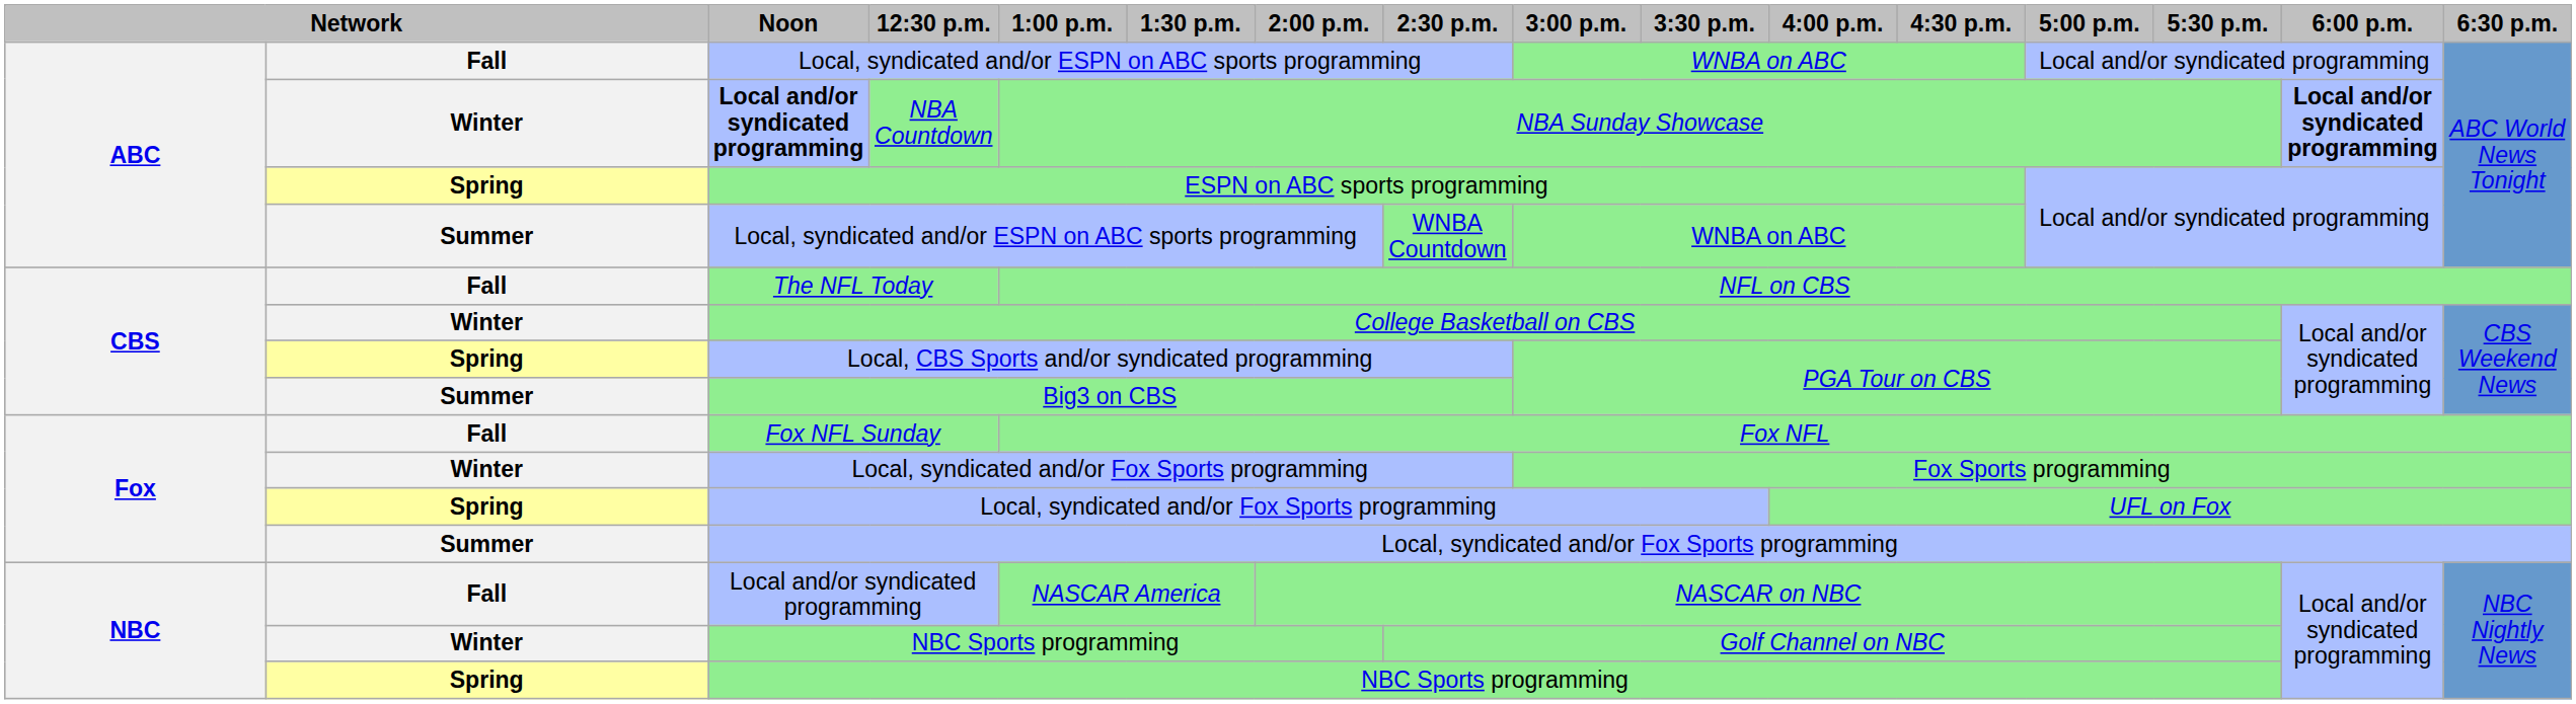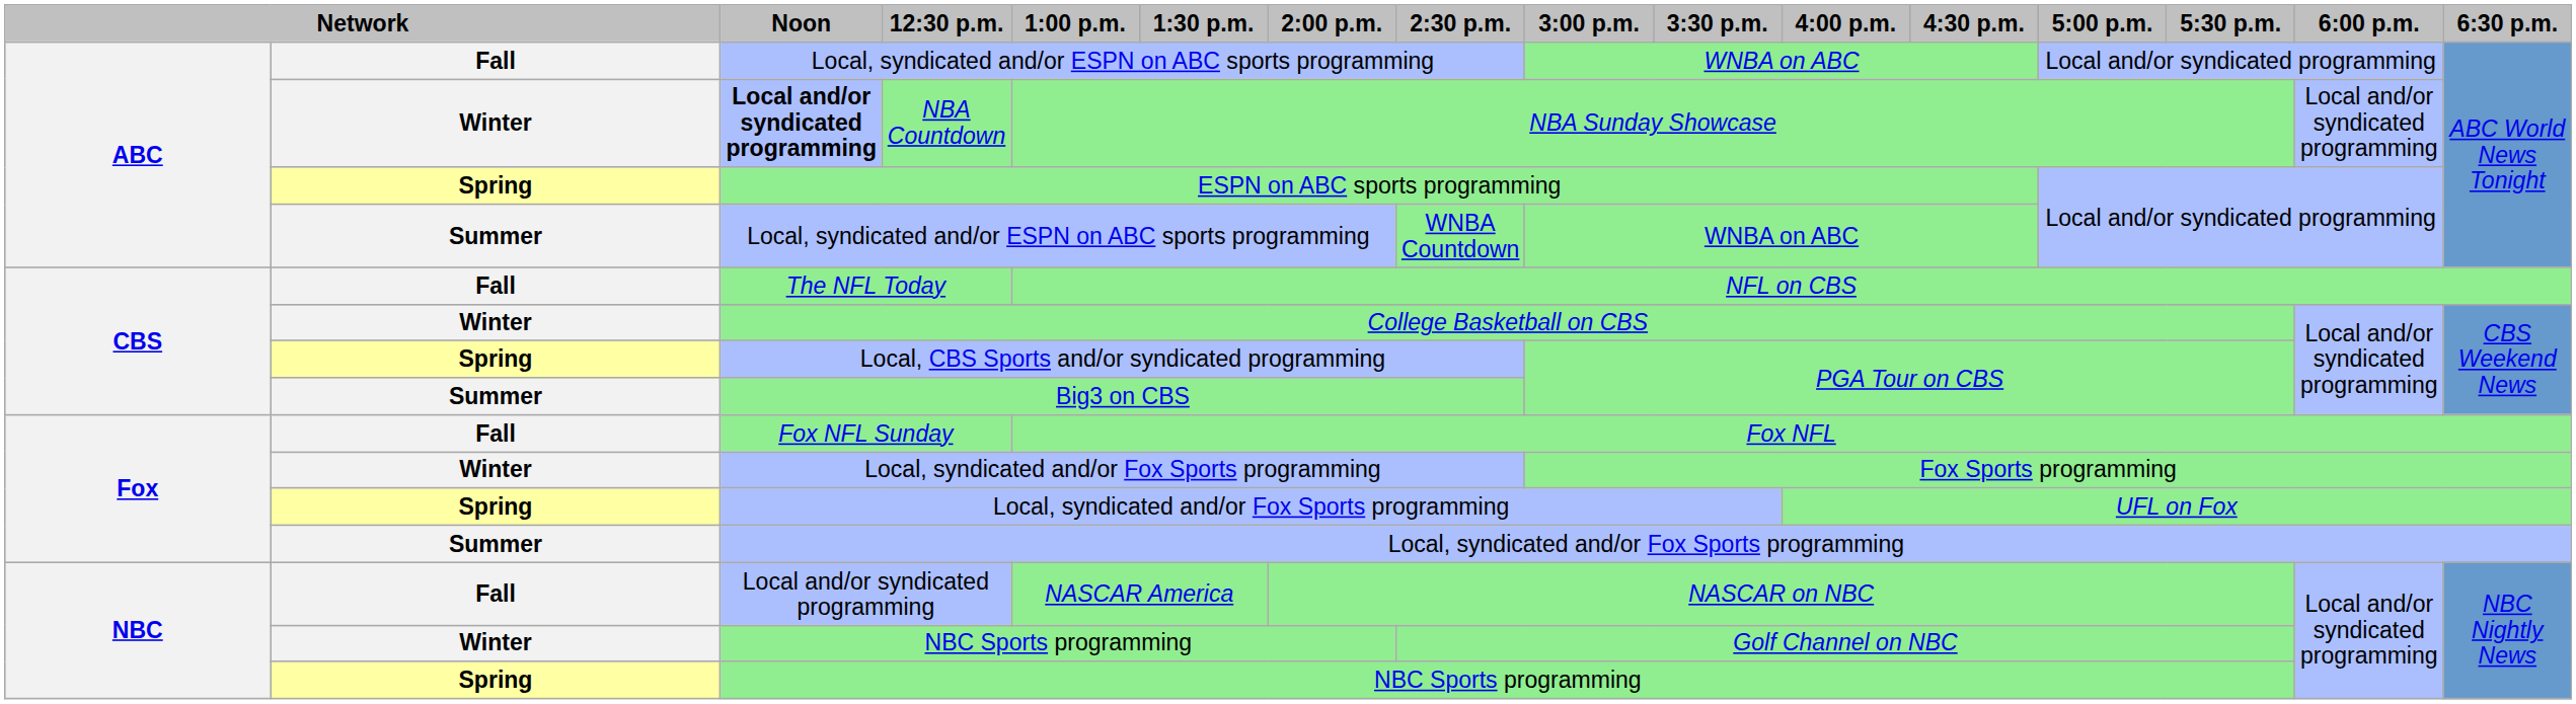 <table class="wikitable" style="width:100%;margin-right:0;font-size:90%;text-align:center">
 <tr>
 <th colspan="2" style="background:#C0C0C0; text-align:center;">Network</th>
 <th width="5%" style="background:#C0C0C0; text-align:center;">Noon</th>
 <th width="5%" style="background:#C0C0C0; text-align:center;">12:30 p.m.</th>
 <th width="5%" style="background:#C0C0C0; text-align:center;">1:00 p.m.</th>
 <th width="5%" style="background:#C0C0C0; text-align:center;">1:30 p.m.</th>
 <th width="5%" style="background:#C0C0C0; text-align:center;">2:00 p.m.</th>
 <th width="5%" style="background:#C0C0C0; text-align:center;">2:30 p.m.</th>
 <th width="5%" style="background:#C0C0C0; text-align:center;">3:00 p.m.</th>
 <th width="5%" style="background:#C0C0C0; text-align:center;">3:30 p.m.</th>
 <th width="5%" style="background:#C0C0C0; text-align:center;">4:00 p.m.</th>
 <th width="5%" style="background:#C0C0C0; text-align:center;">4:30 p.m.</th>
 <th width="5%" style="background:#C0C0C0; text-align:center;">5:00 p.m.</th>
 <th width="5%" style="background:#C0C0C0; text-align:center;">5:30 p.m.</th>
 <th width="5%" style="background:#C0C0C0; text-align:center;">6:00 p.m.</th>
 <th width="5%" style="background:#C0C0C0; text-align:center;">6:30 p.m.</th>
 </tr>
 <tr>
 <th rowspan="4"><a href='#'>ABC</a></th>
 <th>Fall</th>
 <td colspan="6" style="background:#abbfff;">Local, syndicated and/or <a href='#'>ESPN on ABC</a> sports programming</td>
 <td colspan="4" style="background:lightgreen;"><em><a href='#'>WNBA on ABC</a></em></td>
 <td colspan="3" style="background:#abbfff;">Local and/or syndicated programming</td>
 <td rowspan="4" style="background: #6699CC;"><em><a href='#'>ABC World News Tonight</a></em></td>
 </tr>
 <tr>
 <th>Winter</th>
 <td style="background:#abbfff;"><strong>Local and/or syndicated programming</strong></td>
 <td style="background:lightgreen;"><em><a href='#'>NBA Countdown</a></em></td>
 <td colspan="10" style="background:lightgreen;"><em><a href='#'>NBA Sunday Showcase</a></em></td>
-<td style="background:#abbfff;"><strong>Local and/or syndicated programming</strong></td>
+<td style="background:#abbfff;">Local and/or syndicated programming</td>
 </tr>
 <tr>
 <th style="background:#FFFFA3;">Spring</th>
 <td colspan="10" style="background:lightgreen;"><a href='#'>ESPN on ABC</a> sports programming</td>
 <td rowspan="2" colspan="3" style="background:#abbfff;">Local and/or syndicated programming</td>
 </tr>
 <tr>
 <th>Summer</th>
 <td colspan="5" style="background:#abbfff;">Local, syndicated and/or <a href='#'>ESPN on ABC</a> sports programming</td>
 <td style="background:lightgreen;"><a href='#'>WNBA Countdown</a></td>
 <td colspan="4" style="background:lightgreen;"><a href='#'>WNBA on ABC</a></td>
 </tr>
 <tr>
 <th rowspan="4"><a href='#'>CBS</a></th>
 <th>Fall</th>
 <td colspan="2" style="background:lightgreen;"><em><a href='#'>The NFL Today</a></em></td>
 <td colspan="12" style="background:lightgreen;"><em><a href='#'>NFL on CBS</a></em> </td>
 </tr>
 <tr>
 <th>Winter</th>
 <td colspan="12" style="background:lightgreen;"><em><a href='#'>College Basketball on CBS</a></em></td>
 <td rowspan="3" style="background:#abbfff;">Local and/or syndicated programming</td>
 <td rowspan="3" style="background: #6699CC;"><em><a href='#'>CBS Weekend News</a></em></td>
 </tr>
 <tr>
 <th style="background:#FFFFA3;">Spring</th>
 <td colspan="6" style="background:#abbfff;">Local, <a href='#'>CBS Sports</a> and/or syndicated programming</td>
 <td colspan="6" rowspan="2" style="background:lightgreen;"><em><a href='#'>PGA Tour on CBS</a></em></td>
 </tr>
 <tr>
 <th>Summer</th>
 <td colspan="6" style="background:lightgreen;"><a href='#'>Big3 on CBS</a></td>
 </tr>
 <tr>
 <th rowspan="4"><a href='#'>Fox</a></th>
 <th>Fall</th>
 <td colspan="2" style="background:lightgreen;"><em><a href='#'>Fox NFL Sunday</a></em></td>
 <td colspan="12" style="background:lightgreen;"><em><a href='#'>Fox NFL</a></em> </td>
 </tr>
 <tr>
 <th>Winter</th>
 <td colspan="6" style="background:#abbfff;">Local, syndicated and/or <a href='#'>Fox Sports</a> programming</td>
 <td colspan="10" style="background:lightgreen"><a href='#'>Fox Sports</a> programming</td>
 </tr>
 <tr>
 <th style="background:#FFFFA3;">Spring</th>
 <td colspan="8" style="background:#abbfff;">Local, syndicated and/or <a href='#'>Fox Sports</a> programming</td>
 <td colspan="6" style="background:lightgreen;"><em><a href='#'>UFL on Fox</a></em></td>
 </tr>
 <tr>
 <th>Summer</th>
 <td colspan="14" style="background:#abbfff;">Local, syndicated and/or <a href='#'>Fox Sports</a> programming</td>
 </tr>
 <tr>
 <th rowspan="3"><a href='#'>NBC</a></th>
 <th>Fall</th>
 <td colspan="2" style="background:#abbfff;">Local and/or syndicated programming</td>
 <td colspan="2" style="background:lightgreen;"><em><a href='#'>NASCAR America</a></em></td>
 <td colspan="8" style="background:lightgreen;"><em><a href='#'>NASCAR on NBC</a></em></td>
 <td rowspan="3" style="background:#abbfff;">Local and/or syndicated programming</td>
 <td rowspan="3" style="background:#6699CC;"><em><a href='#'>NBC Nightly News</a></em></td>
 </tr>
 <tr>
 <th>Winter</th>
 <td colspan="5" style="background:lightgreen;"><a href='#'>NBC Sports</a> programming</td>
 <td colspan="7" style="background:lightgreen;"><em><a href='#'>Golf Channel on NBC</a></em></td>
 </tr>
 <tr>
 <th style="background:#FFFFA3;">Spring</th>
 <td colspan="12" style="background:lightgreen;"><a href='#'>NBC Sports</a> programming</td>
 </tr>
 </table>
